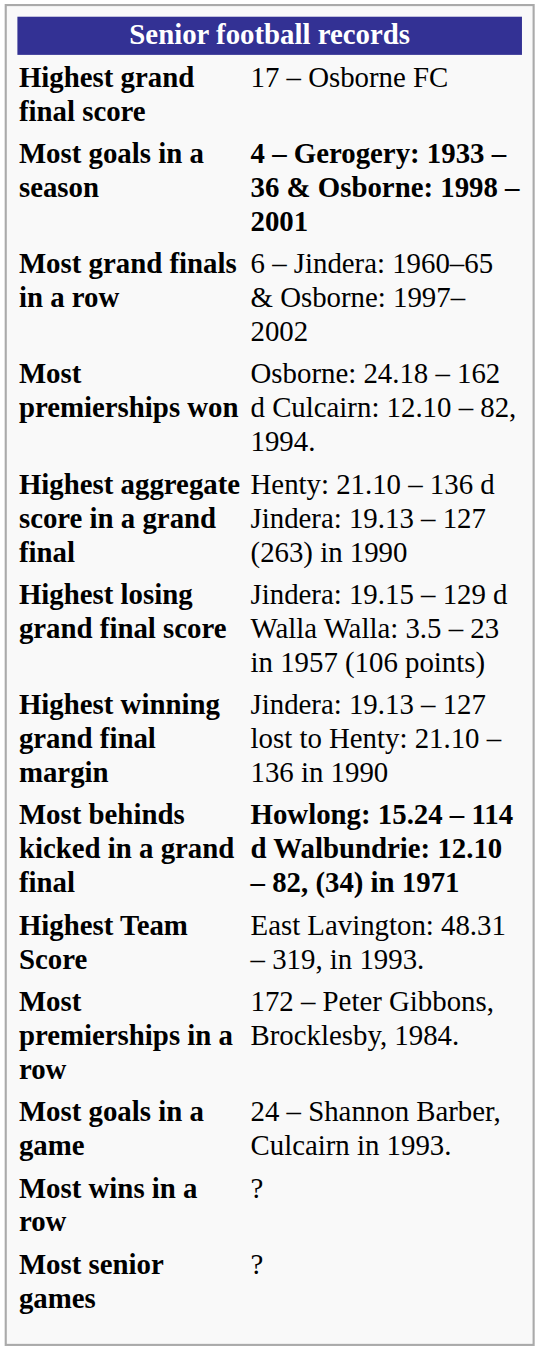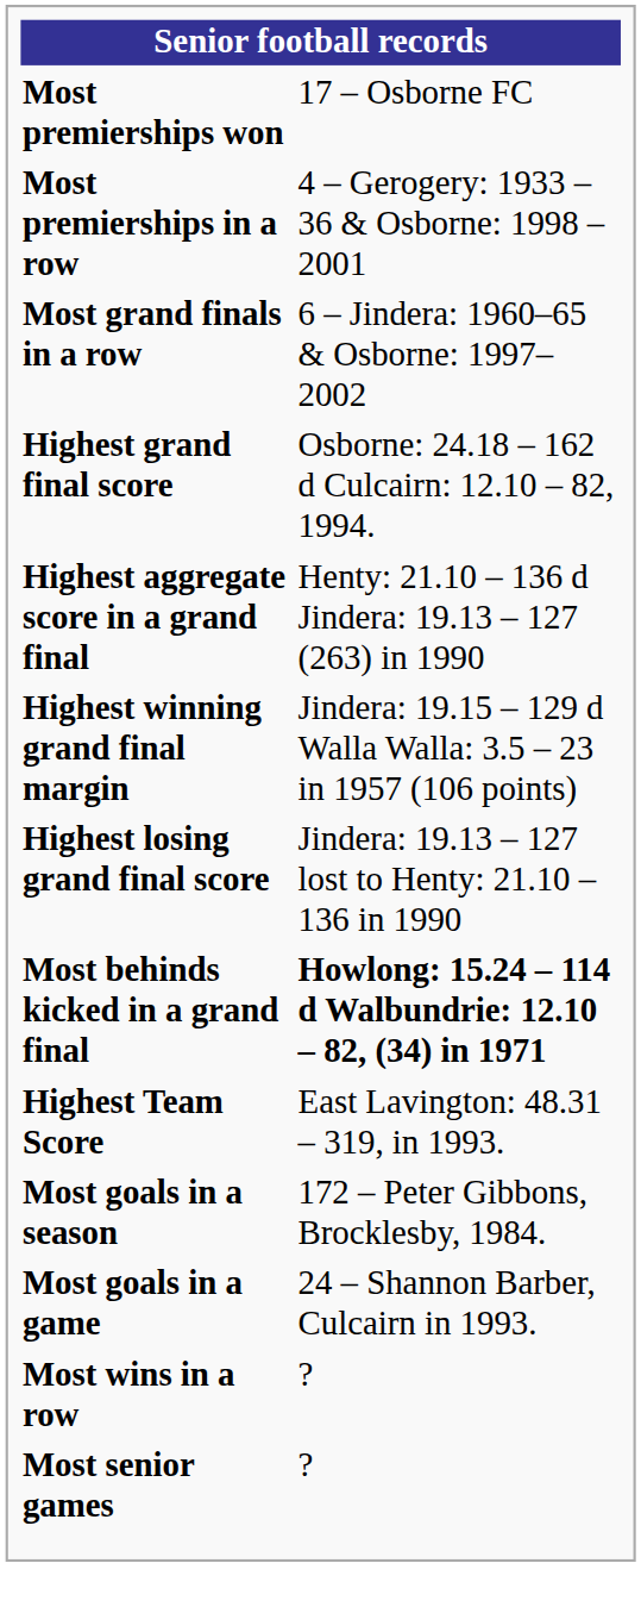 <table class="infobox" style="width:250px; font-size: 85%;">
 <tr>
 <th colspan="2" style="background:#333194; color:white; text-align:center;"><strong>Senior football records</strong></th>
 </tr>
 <tr style="vertical-align: top;">
-<td><strong>Highest grand final score</strong></td>
+<td><strong>Most premierships won</strong></td>
 <td>17 – Osborne FC</td>
 </tr>
 <tr>
-<td><strong>Most goals in a season</strong></td>
-<td><strong>4 – Gerogery: 1933 – 36 & Osborne: 1998 – 2001</strong></td>
+<td><strong>Most premierships in a row</strong></td>
+<td>4 – Gerogery: 1933 – 36 & Osborne: 1998 – 2001</td>
 </tr>
 <tr>
 <td><strong>Most grand finals in a row</strong></td>
 <td>6 – Jindera: 1960–65 & Osborne: 1997–2002</td>
 </tr>
 <tr>
-<td><strong>Most premierships won</strong></td>
+<td><strong>Highest grand final score</strong></td>
 <td>Osborne: 24.18 – 162 d Culcairn: 12.10 – 82, 1994.</td>
 </tr>
 <tr>
 <td><strong>Highest aggregate score in a grand final </strong></td>
 <td>Henty: 21.10 – 136 d Jindera: 19.13 – 127 (263) in 1990</td>
 </tr>
 <tr>
-<td><strong>Highest losing grand final score</strong></td>
+<td><strong>Highest winning grand final margin</strong></td>
 <td>Jindera: 19.15 – 129 d Walla Walla: 3.5 – 23 in 1957 (106 points)</td>
 </tr>
 <tr>
-<td><strong>Highest winning grand final margin</strong></td>
+<td><strong>Highest losing grand final score</strong></td>
 <td>Jindera: 19.13 – 127 lost to Henty: 21.10 – 136 in 1990</td>
 </tr>
 <tr>
 <td><strong>Most behinds kicked in a grand final </strong></td>
 <td><strong>Howlong: 15.24 – 114 d Walbundrie: 12.10 – 82, (34) in 1971</strong></td>
 </tr>
 <tr>
 <td><strong>Highest Team Score</strong></td>
 <td>East Lavington: 48.31 – 319, in 1993.</td>
 </tr>
 <tr>
-<td><strong>Most premierships in a row</strong></td>
+<td><strong>Most goals in a season</strong></td>
 <td>172 – Peter Gibbons, Brocklesby, 1984.</td>
 </tr>
 <tr>
 <td><strong>Most goals in a game</strong></td>
 <td>24 – Shannon Barber, Culcairn in 1993.</td>
 </tr>
 <tr>
 <td><strong>Most wins in a row</strong></td>
 <td>?</td>
 </tr>
 <tr>
 <td><strong>Most senior games</strong></td>
 <td>?</td>
 </tr>
 <tr>
 </tr>
 <tr style="vertical-align: top;"jnh>
 <td></td>
 </tr>
 <tr>
 </tr>
 </table>
